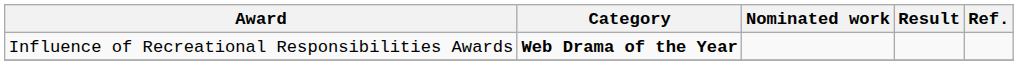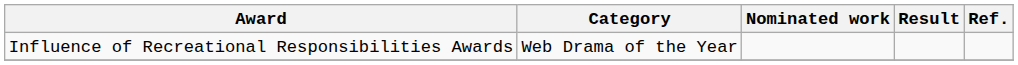 <table class="wikitable">
 <tr>
 <th>Award</th>
 <th>Category</th>
 <th>Nominated work</th>
 <th>Result</th>
 <th>Ref.</th>
 </tr>
 <tr>
 <td>Influence of Recreational Responsibilities Awards</td>
-<td><strong>Web Drama of the Year</strong></td>
+<td>Web Drama of the Year</td>
 <td></td>
 <td></td>
 <td></td>
 </tr>
 <tr>
 </tr>
 </table>
